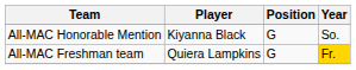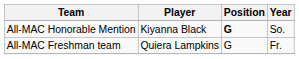 <table class="wikitable" border="1">
 <tr align=center>
 <th style= >Team</th>
 <th style= >Player</th>
 <th style= >Position</th>
 <th style= >Year</th>
 </tr>
 <tr align="center">
 </tr>
 <tr>
 <td>All-MAC Honorable Mention</td>
 <td>Kiyanna Black</td>
-<td>G</td>
+<td><strong>G</strong></td>
 <td>So.</td>
 </tr>
 <tr>
 <td>All-MAC Freshman team</td>
 <td>Quiera Lampkins</td>
 <td>G</td>
-<td style="background: gold;">Fr.</td>
+<td>Fr.</td>
 </tr>
 <tr>
 </tr>
 </table>
